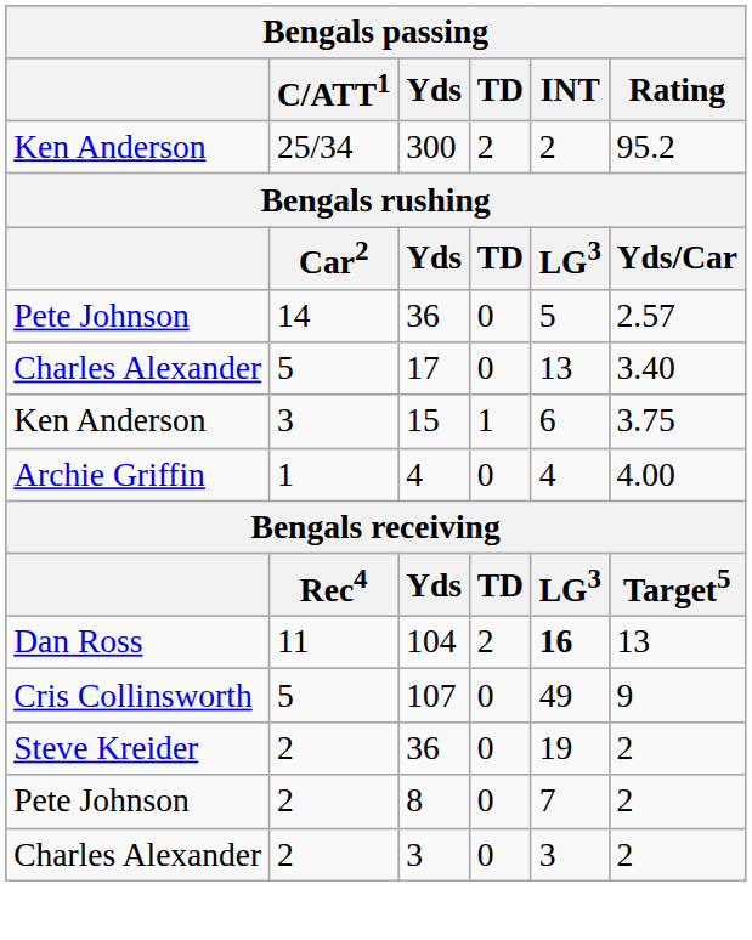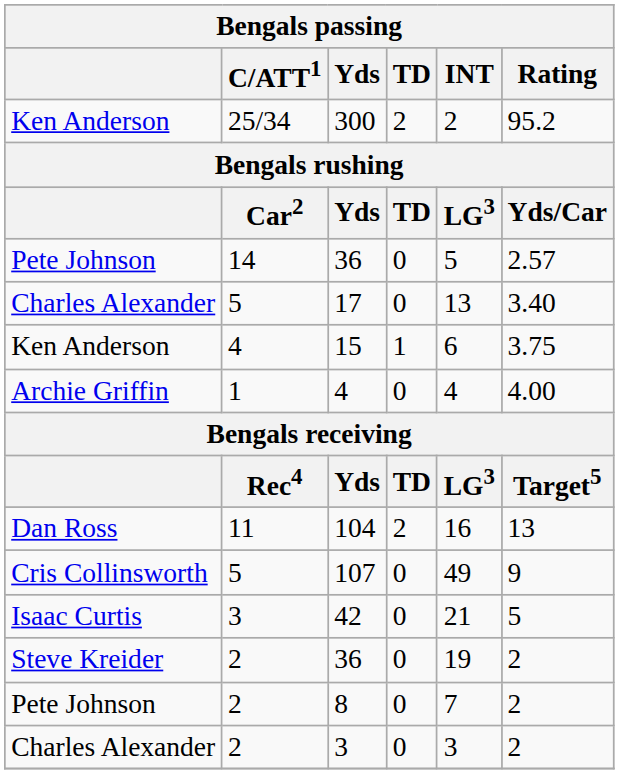 <table class="wikitable">
 <tr>
 <th colspan=6>Bengals passing</th>
 </tr>
 <tr>
 <th></th>
 <th>C/ATT<sup>1</sup></th>
 <th>Yds</th>
 <th>TD</th>
 <th>INT</th>
 <th>Rating</th>
 </tr>
 <tr>
 <td><a href='#'>Ken Anderson</a></td>
 <td>25/34</td>
 <td>300</td>
 <td>2</td>
 <td>2</td>
 <td>95.2</td>
 </tr>
 <tr>
 <th colspan=6>Bengals rushing</th>
 </tr>
 <tr>
 <th></th>
 <th>Car<sup>2</sup></th>
 <th>Yds</th>
 <th>TD</th>
 <th>LG<sup>3</sup></th>
 <th>Yds/Car</th>
 </tr>
 <tr>
 <td><a href='#'>Pete Johnson</a></td>
 <td>14</td>
 <td>36</td>
 <td>0</td>
 <td>5</td>
 <td>2.57</td>
 </tr>
 <tr>
 <td><a href='#'>Charles Alexander</a></td>
 <td>5</td>
 <td>17</td>
 <td>0</td>
 <td>13</td>
 <td>3.40</td>
 </tr>
 <tr>
 <td>Ken Anderson</td>
-<td>3</td>
+<td>4</td>
 <td>15</td>
 <td>1</td>
 <td>6</td>
 <td>3.75</td>
 </tr>
 <tr>
 <td><a href='#'>Archie Griffin</a></td>
 <td>1</td>
 <td>4</td>
 <td>0</td>
 <td>4</td>
 <td>4.00</td>
 </tr>
 <tr>
 <th colspan=6>Bengals receiving</th>
 </tr>
 <tr>
 <th></th>
 <th>Rec<sup>4</sup></th>
 <th>Yds</th>
 <th>TD</th>
 <th>LG<sup>3</sup></th>
 <th>Target<sup>5</sup></th>
 </tr>
 <tr>
 <td><a href='#'>Dan Ross</a></td>
 <td>11</td>
 <td>104</td>
 <td>2</td>
-<td><strong>16</strong></td>
+<td>16</td>
 <td>13</td>
 </tr>
 <tr>
 <td><a href='#'>Cris Collinsworth</a></td>
 <td>5</td>
 <td>107</td>
 <td>0</td>
 <td>49</td>
 <td>9</td>
+</tr>
+<tr>
+<td><a href='#'>Isaac Curtis</a></td>
+<td>3</td>
+<td>42</td>
+<td>0</td>
+<td>21</td>
+<td>5</td>
 </tr>
 <tr>
 <td><a href='#'>Steve Kreider</a></td>
 <td>2</td>
 <td>36</td>
 <td>0</td>
 <td>19</td>
 <td>2</td>
 </tr>
 <tr>
 <td>Pete Johnson</td>
 <td>2</td>
 <td>8</td>
 <td>0</td>
 <td>7</td>
 <td>2</td>
 </tr>
 <tr>
 <td>Charles Alexander</td>
 <td>2</td>
 <td>3</td>
 <td>0</td>
 <td>3</td>
 <td>2</td>
 </tr>
 <tr>
 </tr>
 </table>
